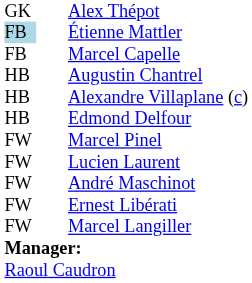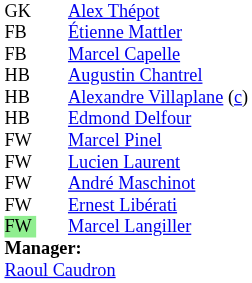 <table style="font-size:90%; margin:0.2em auto;" cellspacing="0" cellpadding="0">
 <tr>
 <th width="25"></th>
 <th width="25"></th>
 </tr>
 <tr>
 <td>GK</td>
 <td></td>
 <td><a href='#'>Alex Thépot</a></td>
 </tr>
 <tr>
-<td style="background: lightblue;">FB</td>
+<td>FB</td>
 <td></td>
 <td><a href='#'>Étienne Mattler</a></td>
 </tr>
 <tr>
 <td>FB</td>
 <td></td>
 <td><a href='#'>Marcel Capelle</a></td>
 </tr>
 <tr>
 <td>HB</td>
 <td></td>
 <td><a href='#'>Augustin Chantrel</a></td>
 </tr>
 <tr>
 <td>HB</td>
 <td></td>
 <td><a href='#'>Alexandre Villaplane</a> (<a href='#'>c</a>)</td>
 </tr>
 <tr>
 <td>HB</td>
 <td></td>
 <td><a href='#'>Edmond Delfour</a></td>
 </tr>
 <tr>
 <td>FW</td>
 <td></td>
 <td><a href='#'>Marcel Pinel</a></td>
 </tr>
 <tr>
 <td>FW</td>
 <td></td>
 <td><a href='#'>Lucien Laurent</a></td>
 </tr>
 <tr>
 <td>FW</td>
 <td></td>
 <td><a href='#'>André Maschinot</a></td>
 </tr>
 <tr>
 <td>FW</td>
 <td></td>
 <td><a href='#'>Ernest Libérati</a></td>
 </tr>
 <tr>
-<td>FW</td>
+<td style="background: lightgreen;">FW</td>
 <td></td>
 <td><a href='#'>Marcel Langiller</a></td>
 </tr>
 <tr>
 <td colspan=3><strong>Manager:</strong></td>
 </tr>
 <tr>
 <td colspan=4><a href='#'>Raoul Caudron</a></td>
 </tr>
 </table>
